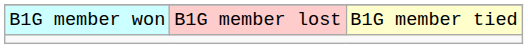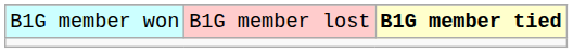 <table class="wikitable">
 <tr>
 </tr>
 <tr>
 <td style="background:#cff;">B1G member won</td>
 <td style="background:#fcc;">B1G member lost</td>
-<td style="background:#ffc;">B1G member tied</td>
+<td style="background:#ffc;"><strong>B1G member tied</strong></td>
 </tr>
 <tr>
 <td colspan="3"></td>
 </tr>
 </table>
